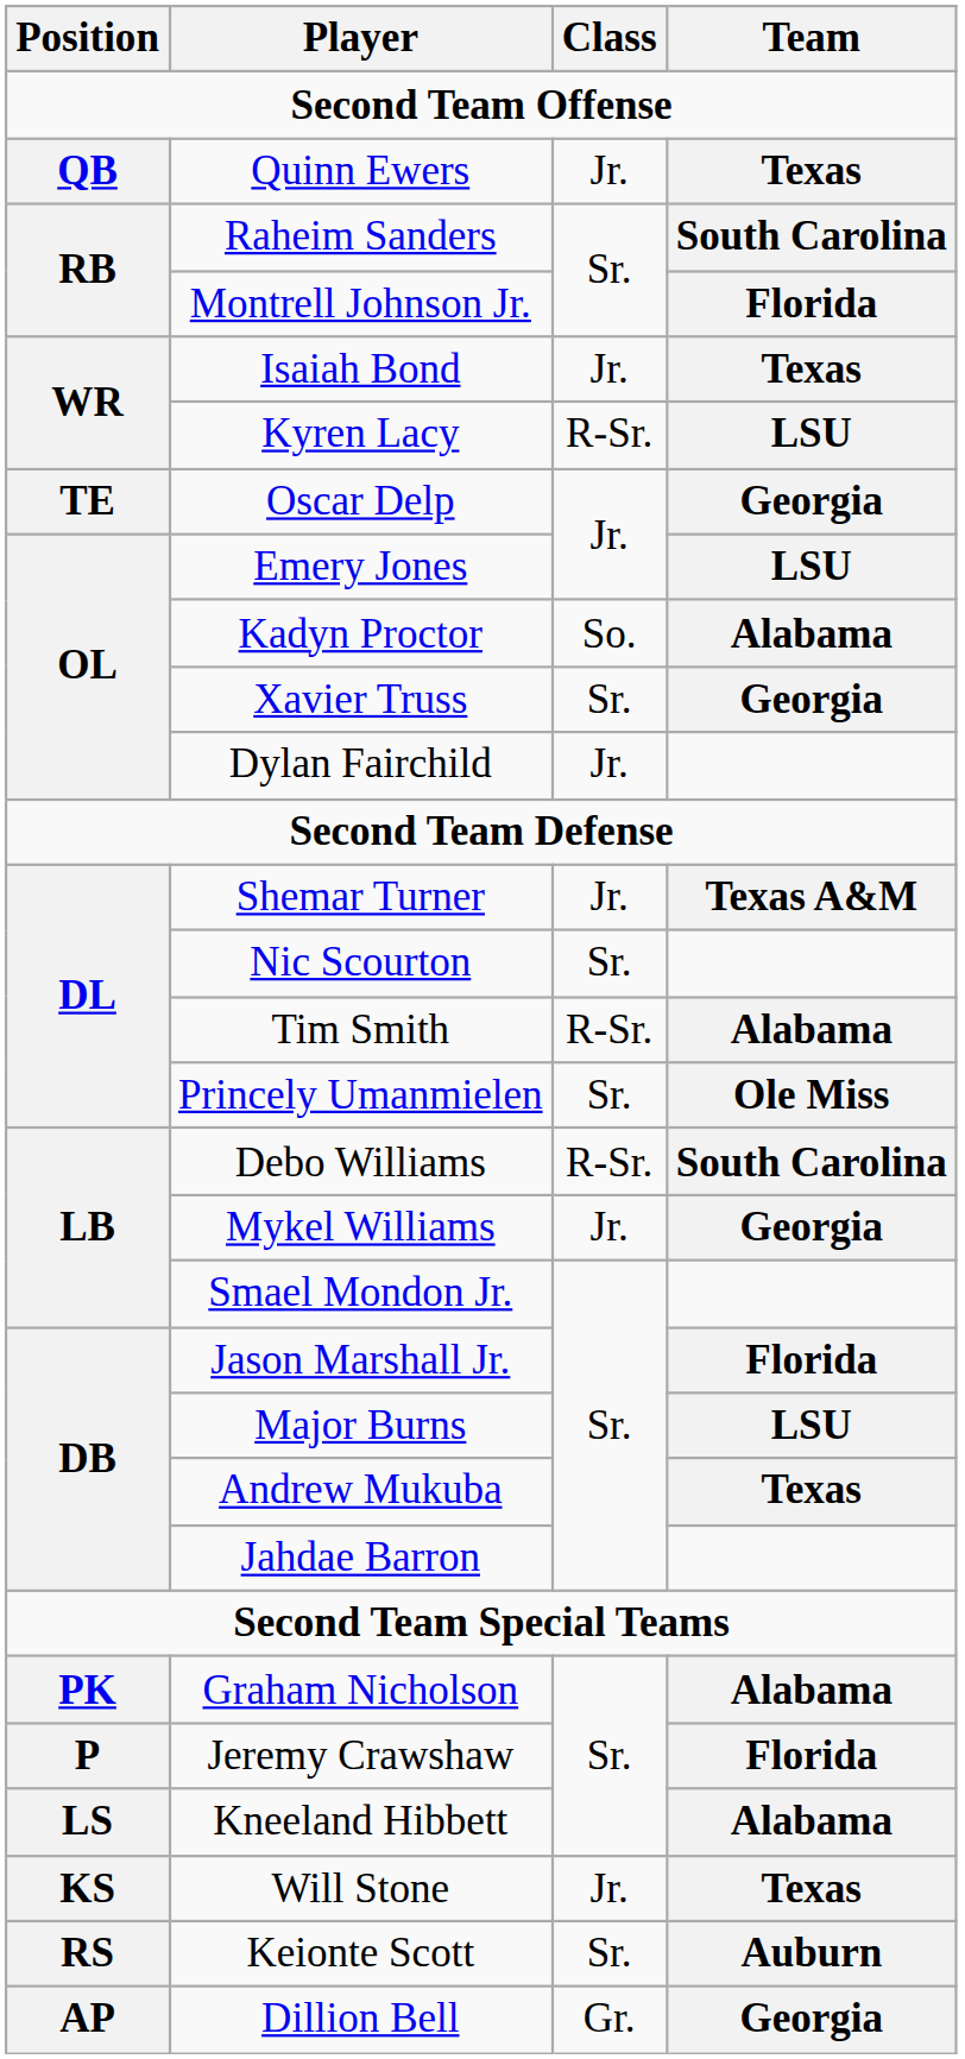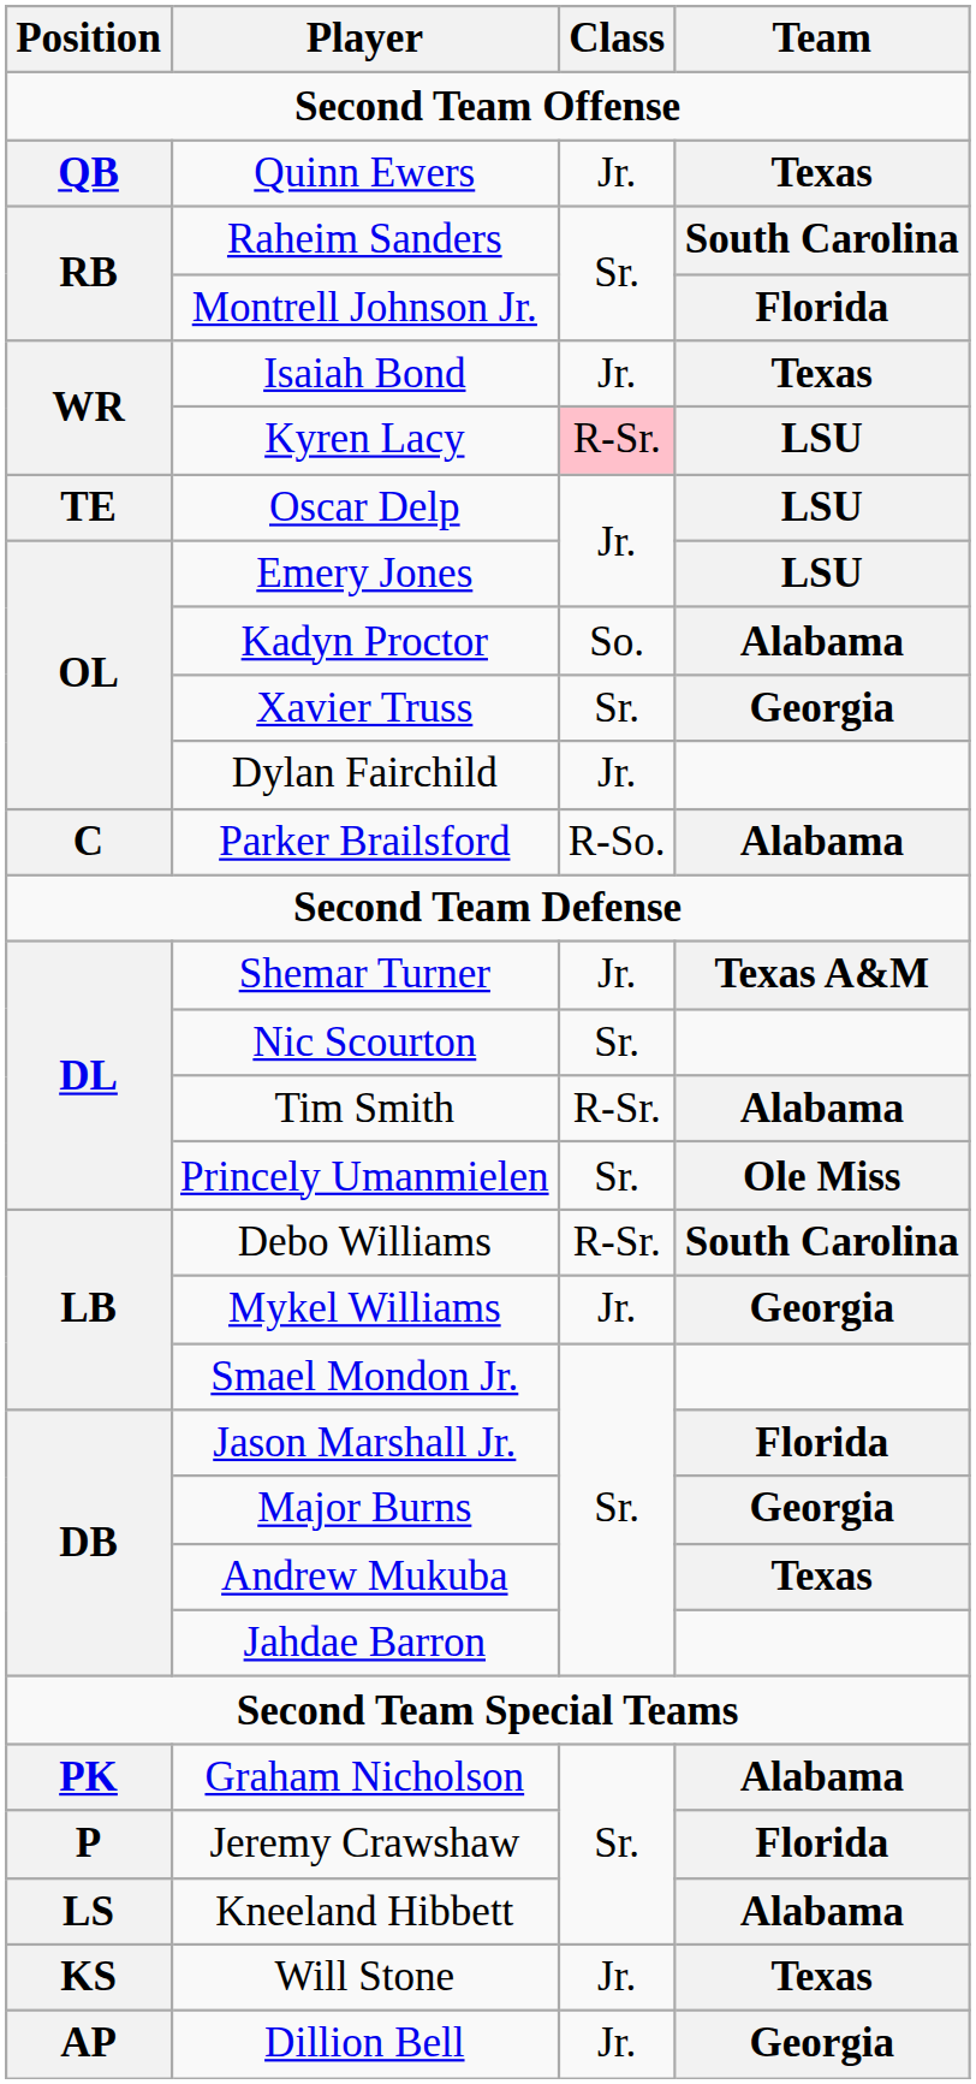 <table class="wikitable">
 <tr>
 <th>Position</th>
 <th>Player</th>
 <th>Class</th>
 <th>Team</th>
 </tr>
 <tr>
 <td colspan="4" style="text-align:center; "><strong>Second Team Offense</strong></td>
 </tr>
 <tr style="text-align:center;">
 <th rowspan="1"><a href='#'>QB</a></th>
 <td><a href='#'>Quinn Ewers</a></td>
 <td>Jr.</td>
 <th>Texas</th>
 </tr>
 <tr style="text-align:center;">
 <th rowspan="2">RB</th>
 <td><a href='#'>Raheim Sanders</a></td>
 <td rowspan="2">Sr.</td>
 <th>South Carolina</th>
 </tr>
 <tr style="text-align:center;">
 <td><a href='#'>Montrell Johnson Jr.</a></td>
 <th>Florida</th>
 </tr>
 <tr style="text-align:center;">
 <th rowspan="2">WR</th>
 <td><a href='#'>Isaiah Bond</a></td>
 <td>Jr.</td>
 <th>Texas</th>
 </tr>
 <tr style="text-align:center;">
 <td><a href='#'>Kyren Lacy</a></td>
-<td>R-Sr.</td>
+<td style="background: pink;">R-Sr.</td>
 <th>LSU</th>
 </tr>
 <tr style="text-align:center;">
 <th>TE</th>
 <td><a href='#'>Oscar Delp</a></td>
 <td rowspan=2>Jr.</td>
-<th>Georgia</th>
+<th>LSU</th>
 </tr>
 <tr style="text-align:center;">
 <th rowspan=4>OL</th>
 <td><a href='#'>Emery Jones</a></td>
 <th>LSU</th>
 </tr>
 <tr style="text-align:center;">
 <td><a href='#'>Kadyn Proctor</a></td>
 <td>So.</td>
 <th>Alabama</th>
 </tr>
 <tr style="text-align:center;">
 <td><a href='#'>Xavier Truss</a></td>
 <td>Sr.</td>
 <th>Georgia</th>
 </tr>
 <tr style="text-align:center;">
 <td>Dylan Fairchild</td>
 <td>Jr.</td>
+</tr>
+<tr style="text-align:center;">
+<th>C</th>
+<td><a href='#'>Parker Brailsford</a></td>
+<td>R-So.</td>
+<th>Alabama</th>
 </tr>
 <tr style="text-align:center;">
 <td colspan="4" style="text-align:center; "><strong>Second Team Defense</strong></td>
 </tr>
 <tr style="text-align:center;">
 <th rowspan="4"><a href='#'>DL</a></th>
 <td><a href='#'>Shemar Turner</a></td>
 <td>Jr.</td>
 <th>Texas A&M</th>
 </tr>
 <tr style="text-align:center;">
 <td><a href='#'>Nic Scourton</a></td>
 <td>Sr.</td>
 </tr>
 <tr style="text-align:center;">
 <td>Tim Smith</td>
 <td>R-Sr.</td>
 <th>Alabama</th>
 </tr>
 <tr style="text-align:center;">
 <td><a href='#'>Princely Umanmielen</a></td>
 <td>Sr.</td>
 <th>Ole Miss</th>
 </tr>
 <tr style="text-align:center;">
 <th rowspan="3">LB</th>
 <td>Debo Williams</td>
 <td>R-Sr.</td>
 <th>South Carolina</th>
 </tr>
 <tr style="text-align:center;">
 <td><a href='#'>Mykel Williams</a></td>
 <td>Jr.</td>
 <th>Georgia</th>
 </tr>
 <tr style="text-align:center;">
 <td><a href='#'>Smael Mondon Jr.</a></td>
 <td rowspan=5>Sr.</td>
 </tr>
 <tr style="text-align:center;">
 <th rowspan="4">DB</th>
 <td><a href='#'>Jason Marshall Jr.</a></td>
 <th>Florida</th>
 </tr>
 <tr style="text-align:center;">
 <td><a href='#'>Major Burns</a></td>
-<th>LSU</th>
+<th>Georgia</th>
 </tr>
 <tr style="text-align:center;">
 <td><a href='#'>Andrew Mukuba</a></td>
 <th>Texas</th>
 </tr>
 <tr style="text-align:center;">
 <td><a href='#'>Jahdae Barron</a></td>
 </tr>
 <tr>
 <td colspan="4" style="text-align:center; "><strong>Second Team Special Teams</strong></td>
 </tr>
 <tr style="text-align:center;">
 <th rowspan="1"><a href='#'>PK</a></th>
 <td><a href='#'>Graham Nicholson</a></td>
 <td rowspan=3>Sr.</td>
 <th>Alabama</th>
 </tr>
 <tr style="text-align:center;">
 <th>P</th>
 <td>Jeremy Crawshaw</td>
 <th>Florida</th>
 </tr>
 <tr style="text-align:center;">
 <th>LS</th>
 <td>Kneeland Hibbett</td>
 <th>Alabama</th>
 </tr>
 <tr style="text-align:center;">
 <th>KS</th>
 <td>Will Stone</td>
 <td>Jr.</td>
 <th>Texas</th>
 </tr>
 <tr style="text-align:center;">
-<th>RS</th>
-<td>Keionte Scott</td>
-<td>Sr.</td>
-<th>Auburn</th>
-</tr>
-<tr style="text-align:center;">
 <th>AP</th>
 <td><a href='#'>Dillion Bell</a></td>
-<td>Gr.</td>
+<td>Jr.</td>
 <th>Georgia</th>
 </tr>
 </table>
